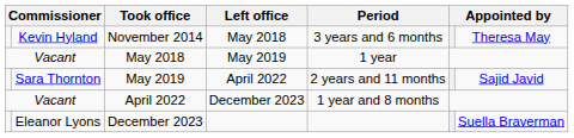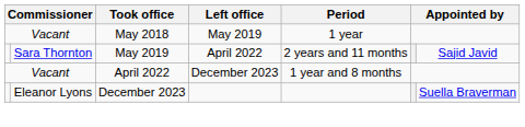 <table class="wikitable" style="text-align:center">
 <tr>
 <th colspan="2">Commissioner</th>
 <th>Took office</th>
 <th>Left office</th>
 <th>Period</th>
 <th colspan="2">Appointed by</th>
-</tr>
-<tr>
-<td></td>
-<td><a href='#'>Kevin Hyland</a></td>
-<td>November 2014<br></td>
-<td>May 2018</td>
-<td>3 years and 6 months</td>
-<th style="background-color: "></th>
-<td><a href='#'>Theresa May</a></td>
 </tr>
 <tr>
 <td colspan="2"><em>Vacant</em></td>
 <td>May 2018</td>
 <td>May 2019</td>
 <td>1 year</td>
 <td colspan="2"></td>
 </tr>
 <tr>
 <td></td>
 <td><a href='#'>Sara Thornton</a></td>
 <td>May 2019</td>
 <td>April 2022</td>
 <td>2 years and 11 months</td>
 <th style="background-color: "></th>
 <td><a href='#'>Sajid Javid</a></td>
 </tr>
 <tr>
 <td colspan="2"><em>Vacant</em></td>
 <td>April 2022</td>
 <td>December 2023</td>
 <td>1 year and 8 months</td>
 <td colspan="2"></td>
 </tr>
 <tr>
 <td></td>
 <td>Eleanor Lyons</td>
 <td>December 2023</td>
 <td></td>
 <td></td>
 <th style="background-color: "></th>
 <td><a href='#'>Suella Braverman</a></td>
 </tr>
 </table>
